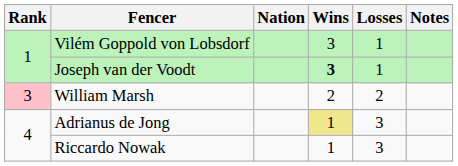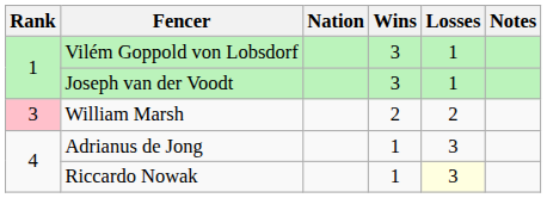 <table class="wikitable sortable" style="text-align:center">
 <tr>
 <th>Rank</th>
 <th>Fencer</th>
 <th>Nation</th>
 <th>Wins</th>
 <th>Losses</th>
 <th>Notes</th>
 </tr>
 <tr bgcolor=bbf3bb>
 <td rowspan=2>1</td>
 <td align=left>Vilém Goppold von Lobsdorf</td>
 <td align=left></td>
 <td>3</td>
 <td>1</td>
 <td></td>
 </tr>
 <tr bgcolor=bbf3bb>
 <td align=left>Joseph van der Voodt</td>
 <td align=left></td>
-<td><strong>3</strong></td>
+<td>3</td>
 <td>1</td>
 <td></td>
 </tr>
 <tr>
 <td style="background: pink;">3</td>
 <td align=left>William Marsh</td>
 <td align=left></td>
 <td>2</td>
 <td>2</td>
 <td></td>
 </tr>
 <tr>
 <td rowspan=2>4</td>
 <td align=left>Adrianus de Jong</td>
 <td align=left></td>
-<td style="background: khaki;">1</td>
+<td>1</td>
 <td>3</td>
 <td></td>
 </tr>
 <tr>
 <td align=left>Riccardo Nowak</td>
 <td align=left></td>
 <td>1</td>
-<td>3</td>
+<td style="background: lightyellow;">3</td>
 <td></td>
 </tr>
 </table>
